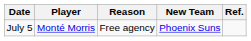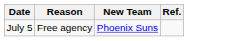 <table class="wikitable sortable sortable" style="text-align: center">
 <tr>
 <th>Date</th>
-<th>Player</th>
 <th>Reason</th>
 <th>New Team</th>
 <th>Ref.</th>
 </tr>
 <tr>
 <td>July 5</td>
-<td><a href='#'>Monté Morris</a></td>
 <td>Free agency</td>
 <td><a href='#'>Phoenix Suns</a></td>
 <td></td>
 </tr>
 </table>
